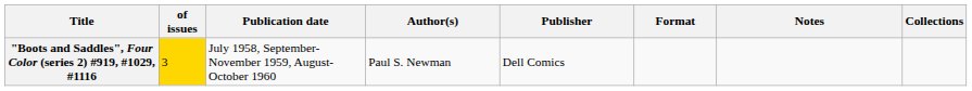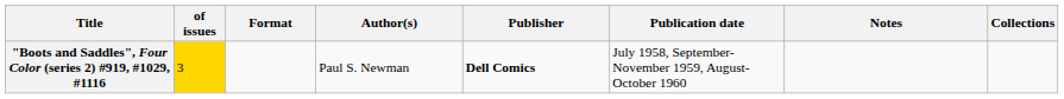 <table class="wikitable">
 <tr>
 <th>Title</th>
 <th style="width:40pt"> of issues</th>
-<th style="width:150pt">Publication date</th>
+<th style="width:75pt">Format</th>
 <th style="width:125pt">Author(s)</th>
 <th style="width:125pt">Publisher</th>
-<th style="width:75pt">Format</th>
+<th style="width:150pt">Publication date</th>
 <th style="width:175pt">Notes</th>
 <th>Collections</th>
 </tr>
 <tr>
 <th>"Boots and Saddles", <em>Four Color</em> (series 2) #919, #1029, #1116</th>
 <td style="background: gold;">3</td>
+<td></td>
+<td>Paul S. Newman</td>
+<td><strong>Dell Comics</strong></td>
 <td>July 1958, September-November 1959, August-October 1960</td>
-<td>Paul S. Newman</td>
-<td>Dell Comics</td>
-<td></td>
 <td></td>
 <td></td>
 </tr>
 </table>
